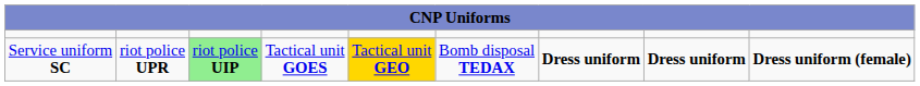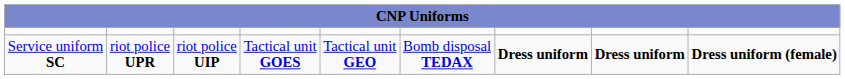 <table class="wikitable">
 <tr style="background:#7987cc;">
 <td colspan=9 style="text-align:center;"><strong>CNP Uniforms</strong></td>
 </tr>
 <tr style="text-align:center;">
 <td></td>
 <td></td>
 <td></td>
 <td></td>
 <td></td>
 <td></td>
 <td></td>
 <td></td>
 <td></td>
 </tr>
 <tr style="text-align:center;">
 <td><a href='#'>Service uniform</a><br><strong>SC</strong></td>
 <td style="text-align:center;"><a href='#'>riot police</a><br><strong>UPR</strong></td>
-<td style="background: lightgreen; text-align:center;"><a href='#'>riot police</a><br><strong>UIP</strong></td>
+<td style="text-align:center;"><a href='#'>riot police</a><br><strong>UIP</strong></td>
 <td style="text-align:center;"><a href='#'>Tactical unit</a><br><strong><a href='#'>GOES</a></strong></td>
-<td style="background: gold; text-align:center;"><a href='#'>Tactical unit</a><br><strong><a href='#'>GEO</a></strong></td>
+<td style="text-align:center;"><a href='#'>Tactical unit</a><br><strong><a href='#'>GEO</a></strong></td>
 <td style="text-align:center;"><a href='#'>Bomb disposal</a><br><strong><a href='#'>TEDAX</a></strong></td>
 <td style="text-align:center;"><strong>Dress uniform</strong></td>
 <td style="text-align:center;"><strong>Dress uniform</strong></td>
 <td style="text-align:center;"><strong>Dress uniform (female)</strong></td>
 </tr>
 </table>
